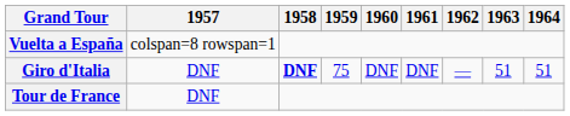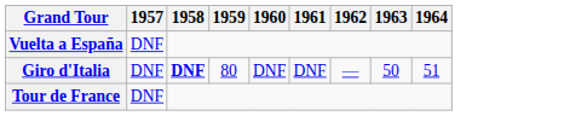 <table class="wikitable plainrowheaders">
 <tr>
 <th scope="col"><a href='#'>Grand Tour</a></th>
 <th scope="col">1957</th>
 <th scope="col">1958</th>
 <th scope="col">1959</th>
 <th scope="col">1960</th>
 <th scope="col">1961</th>
 <th scope="col">1962</th>
 <th scope="col">1963</th>
 <th scope="col">1964</th>
 </tr>
 <tr style="text-align:center;">
 <th scope="row"> <a href='#'>Vuelta a España</a></th>
-<td>colspan=8 rowspan=1 </td>
+<td><a href='#'>DNF</a></td>
 </tr>
 <tr style="text-align:center;">
 <th scope="row"> <a href='#'>Giro d'Italia</a></th>
 <td><a href='#'>DNF</a></td>
 <td><strong><a href='#'>DNF</a></strong></td>
-<td><a href='#'>75</a></td>
+<td><a href='#'>80</a></td>
 <td><a href='#'>DNF</a></td>
 <td><a href='#'>DNF</a></td>
 <td><a href='#'>—</a></td>
-<td><a href='#'>51</a></td>
+<td><a href='#'>50</a></td>
 <td><a href='#'>51</a></td>
 </tr>
 <tr style="text-align:center;">
 <th scope="row"> <a href='#'>Tour de France</a></th>
 <td><a href='#'>DNF</a></td>
 </tr>
 </table>
